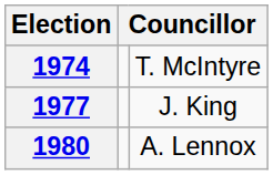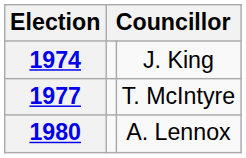 <table class="wikitable" style="text-align:center">
 <tr>
 <th>Election</th>
 <th colspan=2>Councillor</th>
 </tr>
 <tr>
 <th><a href='#'>1974</a></th>
 <td style="background-color: "></td>
-<td>T. McIntyre</td>
+<td>J. King</td>
 </tr>
 <tr>
 <th><a href='#'>1977</a></th>
 <td style="background-color: "></td>
-<td>J. King</td>
+<td>T. McIntyre</td>
 </tr>
 <tr>
 <th><a href='#'>1980</a></th>
 <td style="background-color: "></td>
 <td>A. Lennox</td>
 </tr>
 </table>
